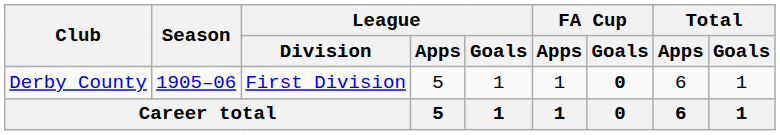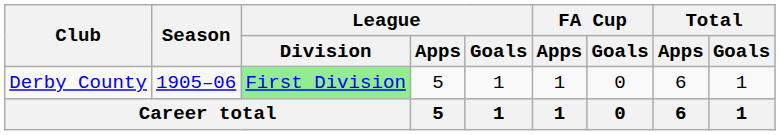 <table class="wikitable" style="text-align: center;">
 <tr>
 <th rowspan="2">Club</th>
 <th rowspan="2">Season</th>
 <th colspan="3">League</th>
 <th colspan="2">FA Cup</th>
 <th colspan="2">Total</th>
 </tr>
 <tr>
 <th>Division</th>
 <th>Apps</th>
 <th>Goals</th>
 <th>Apps</th>
 <th>Goals</th>
 <th>Apps</th>
 <th>Goals</th>
 </tr>
 <tr>
 <td><a href='#'>Derby County</a></td>
 <td><a href='#'>1905–06</a></td>
-<td><a href='#'>First Division</a></td>
+<td style="background: lightgreen;"><a href='#'>First Division</a></td>
 <td>5</td>
 <td>1</td>
 <td>1</td>
-<td><strong>0</strong></td>
+<td>0</td>
 <td>6</td>
 <td>1</td>
 </tr>
 <tr>
 <th colspan="3">Career total</th>
 <th>5</th>
 <th>1</th>
 <th>1</th>
 <th>0</th>
 <th>6</th>
 <th>1</th>
 </tr>
 </table>
